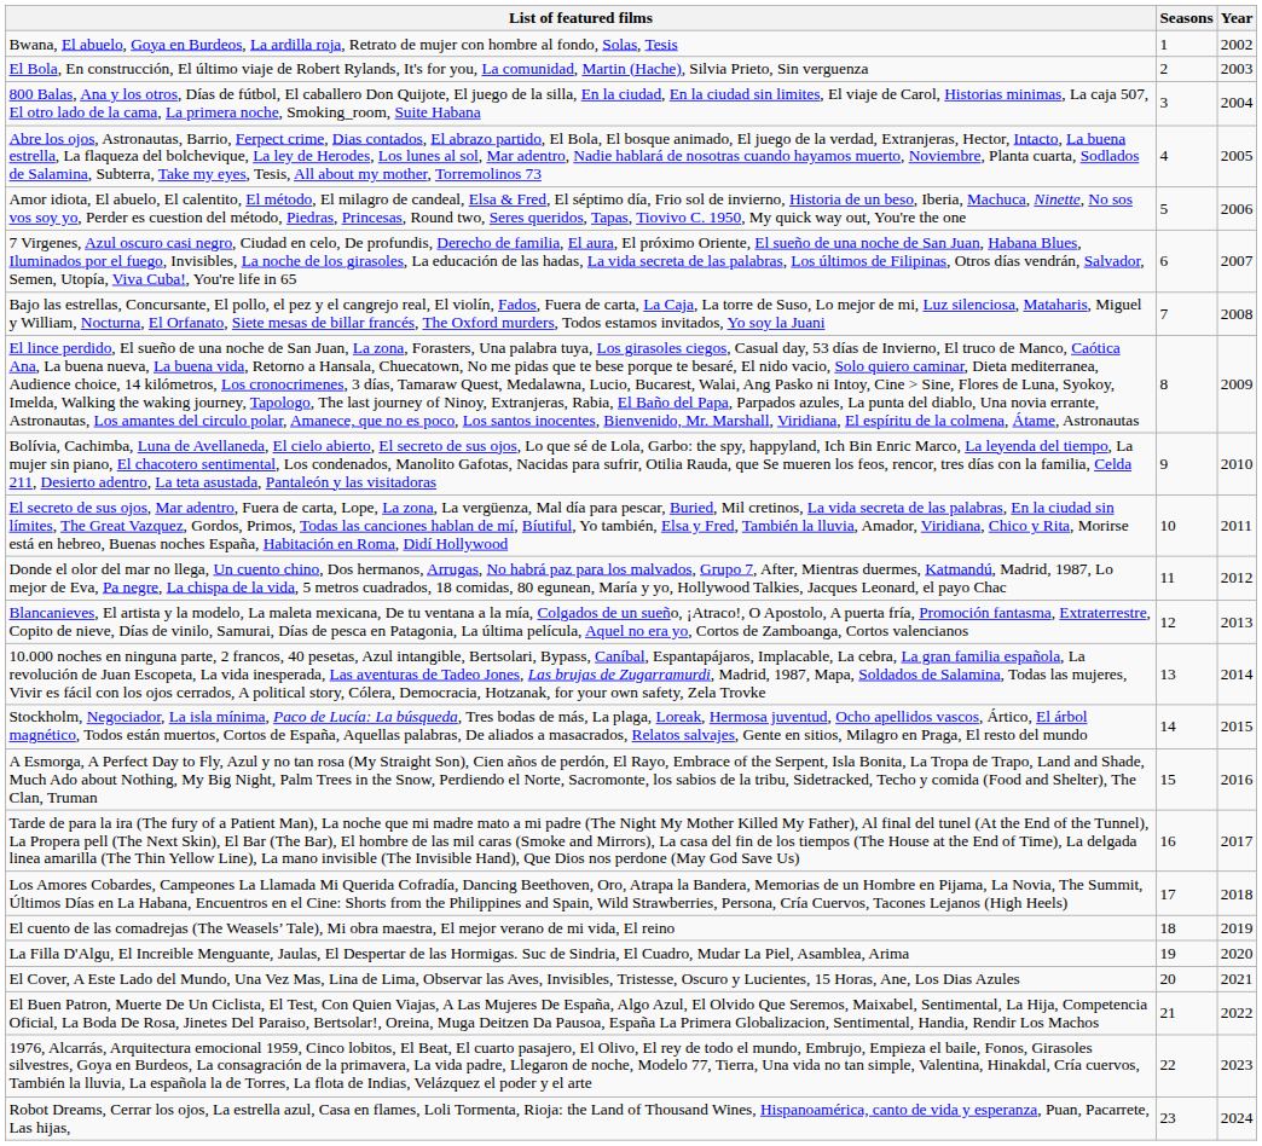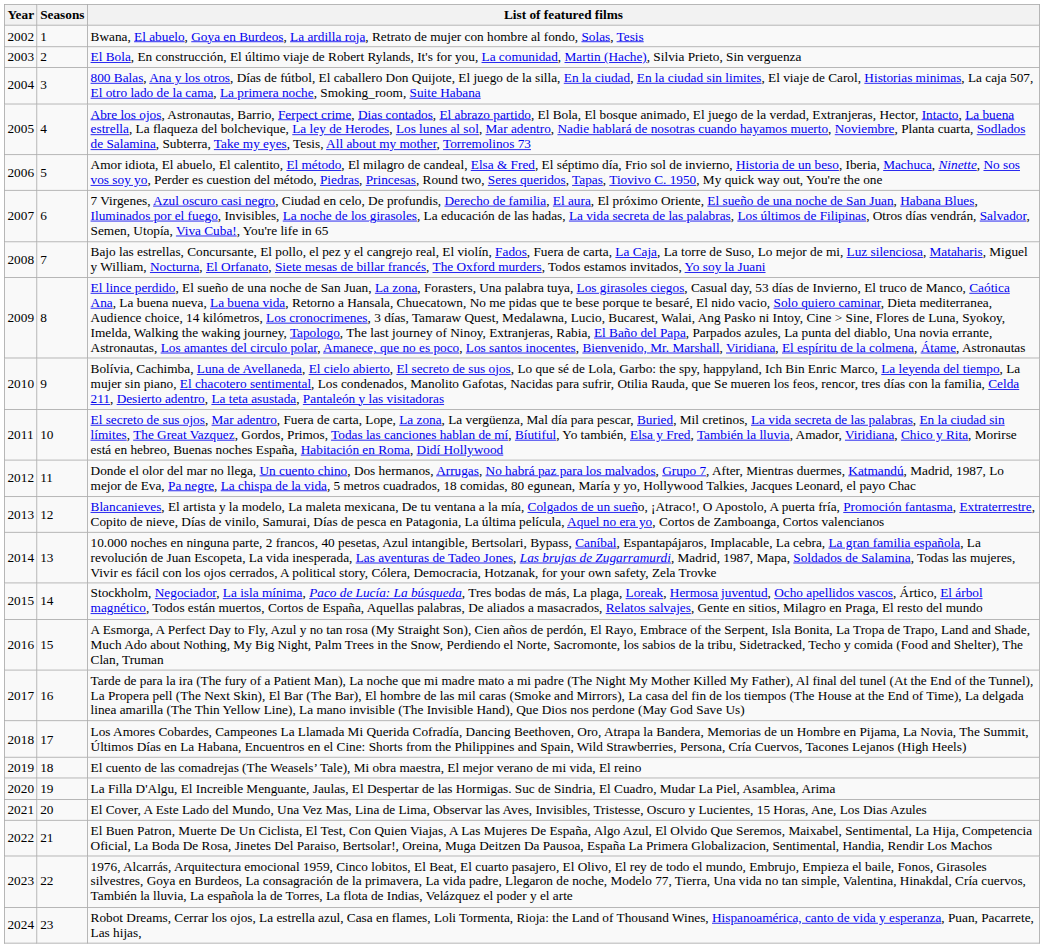 <table class="wikitable">
 <tr>
+<th>Year</th>
+<th>Seasons</th>
 <th>List of featured films</th>
-<th>Seasons</th>
-<th>Year</th>
 </tr>
 <tr>
+<td>2002</td>
+<td>1</td>
 <td>Bwana, <a href='#'>El abuelo</a>, <a href='#'>Goya en Burdeos</a>, <a href='#'>La ardilla roja</a>, Retrato de mujer con hombre al fondo, <a href='#'>Solas</a>, <a href='#'>Tesis</a></td>
-<td>1</td>
-<td>2002</td>
 </tr>
 <tr>
+<td>2003</td>
+<td>2</td>
 <td><a href='#'>El Bola</a>, En construcción, El último viaje de Robert Rylands, It's for you, <a href='#'>La comunidad</a>, <a href='#'>Martin (Hache)</a>, Silvia Prieto, Sin verguenza</td>
-<td>2</td>
-<td>2003</td>
 </tr>
 <tr>
+<td>2004</td>
+<td>3</td>
 <td><a href='#'>800 Balas</a>, <a href='#'>Ana y los otros</a>, Días de fútbol, El caballero Don Quijote, El juego de la silla, <a href='#'>En la ciudad</a>, <a href='#'>En la ciudad sin limites</a>, El viaje de Carol, <a href='#'>Historias minimas</a>, La caja 507, <a href='#'>El otro lado de la cama</a>, <a href='#'>La primera noche</a>, Smoking_room, <a href='#'>Suite Habana</a></td>
-<td>3</td>
-<td>2004</td>
 </tr>
 <tr>
+<td>2005</td>
+<td>4</td>
 <td><a href='#'>Abre los ojos</a>, Astronautas, Barrio, <a href='#'>Ferpect crime</a>, <a href='#'>Dias contados</a>, <a href='#'>El abrazo partido</a>, El Bola, El bosque animado, El juego de la verdad, Extranjeras, Hector, <a href='#'>Intacto</a>, <a href='#'>La buena estrella</a>, La flaqueza del bolchevique, <a href='#'>La ley de Herodes</a>, <a href='#'>Los lunes al sol</a>, <a href='#'>Mar adentro</a>, <a href='#'>Nadie hablará de nosotras cuando hayamos muerto</a>, <a href='#'>Noviembre</a>, Planta cuarta, <a href='#'>Sodlados de Salamina</a>, Subterra, <a href='#'>Take my eyes</a>, Tesis, <a href='#'>All about my mother</a>, <a href='#'>Torremolinos 73</a></td>
-<td>4</td>
-<td>2005</td>
 </tr>
 <tr>
+<td>2006</td>
+<td>5</td>
 <td>Amor idiota, El abuelo, El calentito, <a href='#'>El método</a>, El milagro de candeal, <a href='#'>Elsa & Fred</a>, El séptimo día, Frio sol de invierno, <a href='#'>Historia de un beso</a>, Iberia, <a href='#'>Machuca</a>, <em><a href='#'>Ninette</a></em>, <a href='#'>No sos vos soy yo</a>, Perder es cuestion del método, <a href='#'>Piedras</a>, <a href='#'>Princesas</a>, Round two, <a href='#'>Seres queridos</a>, <a href='#'>Tapas</a>, <a href='#'>Tiovivo C. 1950</a>, My quick way out, You're the one</td>
-<td>5</td>
-<td>2006</td>
 </tr>
 <tr>
+<td>2007</td>
+<td>6</td>
 <td>7 Virgenes, <a href='#'>Azul oscuro casi negro</a>, Ciudad en celo, De profundis, <a href='#'>Derecho de familia</a>, <a href='#'>El aura</a>, El próximo Oriente, <a href='#'>El sueño de una noche de San Juan</a>, <a href='#'>Habana Blues</a>, <a href='#'>Iluminados por el fuego</a>, Invisibles, <a href='#'>La noche de los girasoles</a>, La educación de las hadas, <a href='#'>La vida secreta de las palabras</a>, <a href='#'>Los últimos de Filipinas</a>, Otros días vendrán, <a href='#'>Salvador</a>, Semen, Utopía, <a href='#'>Viva Cuba!</a>, You're life in 65</td>
-<td>6</td>
-<td>2007</td>
 </tr>
 <tr>
+<td>2008</td>
+<td>7</td>
 <td>Bajo las estrellas, Concursante, El pollo, el pez y el cangrejo real, El violín, <a href='#'>Fados</a>, Fuera de carta, <a href='#'>La Caja</a>, La torre de Suso, Lo mejor de mi, <a href='#'>Luz silenciosa</a>, <a href='#'>Mataharis</a>, Miguel y William, <a href='#'>Nocturna</a>, <a href='#'>El Orfanato</a>, <a href='#'>Siete mesas de billar francés</a>, <a href='#'>The Oxford murders</a>, Todos estamos invitados, <a href='#'>Yo soy la Juani</a></td>
-<td>7</td>
-<td>2008</td>
 </tr>
 <tr>
+<td>2009</td>
+<td>8</td>
 <td><a href='#'>El lince perdido</a>, El sueño de una noche de San Juan, <a href='#'>La zona</a>, Forasters, Una palabra tuya, <a href='#'>Los girasoles ciegos</a>, Casual day, 53 días de Invierno, El truco de Manco, <a href='#'>Caótica Ana</a>, La buena nueva, <a href='#'>La buena vida</a>, Retorno a Hansala, Chuecatown, No me pidas que te bese porque te besaré, El nido vacio, <a href='#'>Solo quiero caminar</a>, Dieta mediterranea, Audience choice, 14 kilómetros, <a href='#'>Los cronocrimenes</a>, 3 días, Tamaraw Quest, Medalawna, Lucio, Bucarest, Walai, Ang Pasko ni Intoy, Cine > Sine, Flores de Luna, Syokoy, Imelda, Walking the waking journey, <a href='#'>Tapologo</a>, The last journey of Ninoy, Extranjeras, Rabia, <a href='#'>El Baño del Papa</a>, Parpados azules, La punta del diablo, Una novia errante, Astronautas, <a href='#'>Los amantes del circulo polar</a>, <a href='#'>Amanece, que no es poco</a>, <a href='#'>Los santos inocentes</a>, <a href='#'>Bienvenido, Mr. Marshall</a>, <a href='#'>Viridiana</a>, <a href='#'>El espíritu de la colmena</a>, <a href='#'>Átame</a>, Astronautas</td>
-<td>8</td>
-<td>2009</td>
 </tr>
 <tr>
+<td>2010</td>
+<td>9</td>
 <td>Bolívia, Cachimba, <a href='#'>Luna de Avellaneda</a>, <a href='#'>El cielo abierto</a>, <a href='#'>El secreto de sus ojos</a>, Lo que sé de Lola, Garbo: the spy, happyland, Ich Bin Enric Marco, <a href='#'>La leyenda del tiempo</a>, La mujer sin piano, <a href='#'>El chacotero sentimental</a>, Los condenados, Manolito Gafotas, Nacidas para sufrir, Otilia Rauda, que Se mueren los feos, rencor, tres días con la familia, <a href='#'>Celda 211</a>, <a href='#'>Desierto adentro</a>, <a href='#'>La teta asustada</a>, <a href='#'>Pantaleón y las visitadoras</a></td>
-<td>9</td>
-<td>2010</td>
 </tr>
 <tr>
+<td>2011</td>
+<td>10</td>
 <td><a href='#'>El secreto de sus ojos</a>, <a href='#'>Mar adentro</a>, Fuera de carta, Lope, <a href='#'>La zona</a>, La vergüenza, Mal día para pescar, <a href='#'>Buried</a>, Mil cretinos, <a href='#'>La vida secreta de las palabras</a>, <a href='#'>En la ciudad sin límites</a>, <a href='#'>The Great Vazquez</a>, Gordos, Primos, <a href='#'>Todas las canciones hablan de mí</a>, <a href='#'>Bíutiful</a>, Yo también, <a href='#'>Elsa y Fred</a>, <a href='#'>También la lluvia</a>, Amador, <a href='#'>Viridiana</a>, <a href='#'>Chico y Rita</a>, Morirse está en hebreo, Buenas noches España, <a href='#'>Habitación en Roma</a>, <a href='#'>Didí Hollywood</a></td>
-<td>10</td>
-<td>2011</td>
 </tr>
 <tr>
+<td>2012</td>
+<td>11</td>
 <td>Donde el olor del mar no llega, <a href='#'>Un cuento chino</a>, Dos hermanos, <a href='#'>Arrugas</a>, <a href='#'>No habrá paz para los malvados</a>, <a href='#'>Grupo 7</a>, After, Mientras duermes, <a href='#'>Katmandú</a>, Madrid, 1987, Lo mejor de Eva, <a href='#'>Pa negre</a>, <a href='#'>La chispa de la vida</a>, 5 metros cuadrados, 18 comidas, 80 egunean, María y yo, Hollywood Talkies, Jacques Leonard, el payo Chac</td>
-<td>11</td>
-<td>2012</td>
 </tr>
 <tr>
+<td>2013</td>
+<td>12</td>
 <td><a href='#'>Blancanieves</a>, El artista y la modelo, La maleta mexicana, De tu ventana a la mía, <a href='#'>Colgados de un sueñ</a>o, ¡Atraco!, O Apostolo, A puerta fría, <a href='#'>Promoción fantasma</a>, <a href='#'>Extraterrestre</a>, Copito de nieve, Días de vinilo, Samurai, Días de pesca en Patagonia, La última película, <a href='#'>Aquel no era yo</a>, Cortos de Zamboanga, Cortos valencianos</td>
-<td>12</td>
-<td>2013</td>
 </tr>
 <tr>
+<td>2014</td>
+<td>13</td>
 <td>10.000 noches en ninguna parte, 2 francos, 40 pesetas, Azul intangible, Bertsolari, Bypass, <a href='#'>Caníbal</a>, Espantapájaros, Implacable, La cebra, <a href='#'>La gran familia española</a>, La revolución de Juan Escopeta, La vida inesperada, <a href='#'>Las aventuras de Tadeo Jones</a>, <em><a href='#'>Las brujas de Zugarramurdi</a></em>, Madrid, 1987, Mapa, <a href='#'>Soldados de Salamina</a>, Todas las mujeres, Vivir es fácil con los ojos cerrados, A political story, Cólera, Democracia, Hotzanak, for your own safety, Zela Trovke</td>
-<td>13</td>
-<td>2014</td>
 </tr>
 <tr>
+<td>2015</td>
+<td>14</td>
 <td>Stockholm, <a href='#'>Negociador</a>, <a href='#'>La isla mínima</a>, <em><a href='#'>Paco de Lucía: La búsqueda</a></em>, Tres bodas de más, La plaga, <a href='#'>Loreak</a>, <a href='#'>Hermosa juventud</a>, <a href='#'>Ocho apellidos vascos</a>, Ártico, <a href='#'>El árbol magnético</a>, Todos están muertos, Cortos de España, Aquellas palabras, De aliados a masacrados, <a href='#'>Relatos salvajes</a>, Gente en sitios, Milagro en Praga, El resto del mundo</td>
-<td>14</td>
-<td>2015</td>
 </tr>
 <tr>
+<td>2016</td>
+<td>15</td>
 <td>A Esmorga, A Perfect Day to Fly, Azul y no tan rosa (My Straight Son), Cien años de perdón, El Rayo, Embrace of the Serpent, Isla Bonita, La Tropa de Trapo, Land and Shade, Much Ado about Nothing, My Big Night, Palm Trees in the Snow, Perdiendo el Norte, Sacromonte, los sabios de la tribu, Sidetracked, Techo y comida (Food and Shelter), The Clan, Truman</td>
-<td>15</td>
-<td>2016</td>
 </tr>
 <tr>
+<td>2017</td>
+<td>16</td>
 <td>Tarde de para la ira (The fury of a Patient Man), La noche que mi madre mato a mi padre (The Night My Mother Killed My Father), Al final del tunel (At the End of the Tunnel), La Propera pell (The Next Skin), El Bar (The Bar), El hombre de las mil caras (Smoke and Mirrors), La casa del fin de los tiempos (The House at the End of Time), La delgada linea amarilla (The Thin Yellow Line), La mano invisible (The Invisible Hand), Que Dios nos perdone (May God Save Us)</td>
-<td>16</td>
-<td>2017</td>
 </tr>
 <tr>
+<td>2018</td>
+<td>17</td>
 <td>Los Amores Cobardes, Campeones La Llamada Mi Querida Cofradía, Dancing Beethoven, Oro, Atrapa la Bandera, Memorias de un Hombre en Pijama, La Novia, The Summit, Últimos Días en La Habana,  Encuentros en el Cine: Shorts from the Philippines and Spain, Wild Strawberries, Persona, Cría Cuervos, Tacones Lejanos (High Heels)</td>
-<td>17</td>
-<td>2018</td>
 </tr>
 <tr>
+<td>2019</td>
+<td>18</td>
 <td>El cuento de las comadrejas (The Weasels’ Tale), Mi obra maestra, El mejor verano de mi vida, El reino</td>
-<td>18</td>
-<td>2019</td>
 </tr>
 <tr>
+<td>2020</td>
+<td>19</td>
 <td>La Filla D'Algu, El Increible Menguante, Jaulas, El Despertar de las Hormigas. Suc de Sindria, El Cuadro, Mudar La Piel, Asamblea, Arima</td>
-<td>19</td>
-<td>2020</td>
 </tr>
 <tr>
+<td>2021</td>
+<td>20</td>
 <td>El Cover, A Este Lado del Mundo, Una Vez Mas, Lina de Lima, Observar las Aves, Invisibles, Tristesse, Oscuro y Lucientes, 15 Horas, Ane, Los Dias Azules</td>
-<td>20</td>
-<td>2021</td>
 </tr>
 <tr>
+<td>2022</td>
+<td>21</td>
 <td>El Buen Patron, Muerte De Un Ciclista, El Test, Con Quien Viajas, A Las Mujeres De España, Algo Azul, El Olvido Que Seremos, Maixabel, Sentimental, La Hija, Competencia Oficial, La Boda De Rosa, Jinetes Del Paraiso, Bertsolar!, Oreina, Muga Deitzen Da Pausoa, España La Primera Globalizacion, Sentimental, Handia, Rendir Los Machos</td>
-<td>21</td>
-<td>2022</td>
 </tr>
 <tr>
+<td>2023</td>
+<td>22</td>
 <td>1976, Alcarrás, Arquitectura emocional 1959, Cinco lobitos, El Beat, El cuarto pasajero, El Olivo, El rey de todo el mundo, Embrujo, Empieza el baile, Fonos, Girasoles silvestres, Goya en Burdeos, La consagración de la primavera, La vida padre, Llegaron de noche, Modelo 77, Tierra, Una vida no tan simple, Valentina, Hinakdal, Cría cuervos, También la lluvia, La española la de Torres, La flota de Indias, Velázquez el poder y el arte</td>
-<td>22</td>
-<td>2023</td>
 </tr>
 <tr>
+<td>2024</td>
+<td>23</td>
 <td>Robot Dreams, Cerrar los ojos, La estrella azul, Casa en flames, Loli Tormenta, Rioja: the Land of Thousand Wines, <a href='#'>Hispanoamérica, canto de vida y esperanza</a>, Puan, Pacarrete, Las hijas,</td>
-<td>23</td>
-<td>2024</td>
 </tr>
 </table>
